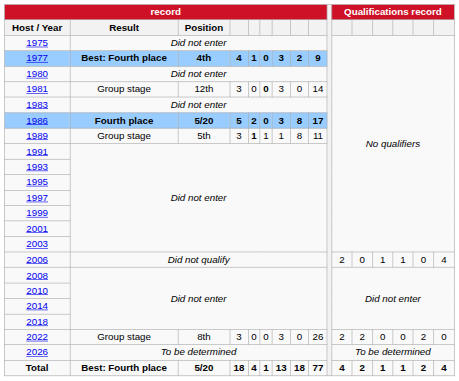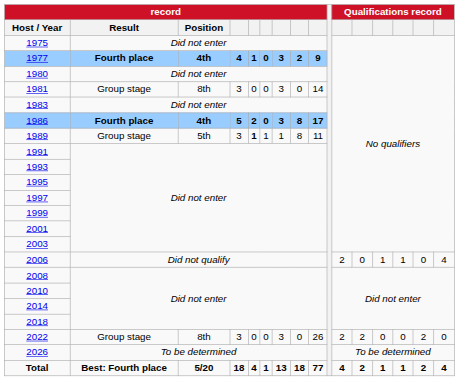 <table class="wikitable" style="text-align: center;">
 <tr>
 <th style="background: #CE1126; color: #FFFFFF;" colspan=9><a href='#'></a> record</th>
 <th style="width:1%;" rowspan="24"></th>
 <th colspan=6 style="background: #CE1126; color: #FFFFFF;">Qualifications record</th>
 </tr>
 <tr>
 <th>Host / Year</th>
 <th>Result</th>
 <th>Position</th>
 <th></th>
 <th></th>
 <th></th>
 <th></th>
 <th></th>
 <th></th>
 <th></th>
 <th></th>
 <th></th>
 <th></th>
 <th></th>
 <th></th>
 </tr>
 <tr>
 <td> <a href='#'>1975</a></td>
 <td colspan=8><em>Did not enter</em></td>
 <td colspan=8 rowspan=14><em>No qualifiers</em></td>
 </tr>
 <tr style="background:#9acdff;">
 <td> <a href='#'>1977</a></td>
-<td><strong>Best: Fourth place</strong></td>
+<td><strong>Fourth place</strong></td>
 <td><strong>4th</strong></td>
 <td><strong>4</strong></td>
 <td><strong>1</strong></td>
 <td><strong>0</strong></td>
 <td><strong>3</strong></td>
 <td><strong>2</strong></td>
 <td><strong>9</strong></td>
 </tr>
 <tr>
 <td> <a href='#'>1980</a></td>
 <td colspan=8><em>Did not enter</em></td>
 </tr>
 <tr>
 <td> <a href='#'>1981</a></td>
 <td>Group stage</td>
-<td>12th</td>
+<td>8th</td>
 <td>3</td>
 <td>0</td>
-<td><strong>0</strong></td>
+<td>0</td>
 <td>3</td>
 <td>0</td>
 <td>14</td>
 </tr>
 <tr>
 <td> <a href='#'>1983</a></td>
 <td colspan=8><em>Did not enter</em></td>
 </tr>
 <tr style="background:#9acdff;">
 <td> <a href='#'>1986</a></td>
 <td><strong>Fourth place</strong></td>
-<td><strong>5/20</strong></td>
+<td><strong>4th</strong></td>
 <td><strong>5</strong></td>
 <td><strong>2</strong></td>
 <td><strong>0</strong></td>
 <td><strong>3</strong></td>
 <td><strong>8</strong></td>
 <td><strong>17</strong></td>
 </tr>
 <tr>
 <td> <a href='#'>1989</a></td>
 <td>Group stage</td>
 <td>5th</td>
 <td>3</td>
 <td><strong>1</strong></td>
 <td>1</td>
 <td>1</td>
 <td>8</td>
 <td>11</td>
 </tr>
 <tr>
 <td> <a href='#'>1991</a></td>
 <td colspan=8 rowspan=7><em>Did not enter</em></td>
 </tr>
 <tr>
 <td> <a href='#'>1993</a></td>
 </tr>
 <tr>
 <td> <a href='#'>1995</a></td>
 </tr>
 <tr>
 <td> <a href='#'>1997</a></td>
 </tr>
 <tr>
 <td> <a href='#'>1999</a></td>
 </tr>
 <tr>
 <td> <a href='#'>2001</a></td>
 </tr>
 <tr>
 <td> <a href='#'>2003</a></td>
 </tr>
 <tr>
 <td> <a href='#'>2006</a></td>
 <td colspan=8><em>Did not qualify</em></td>
 <td>2</td>
 <td>0</td>
 <td>1</td>
 <td>1</td>
 <td>0</td>
 <td>4</td>
 </tr>
 <tr>
 <td> <a href='#'>2008</a></td>
 <td colspan=8 rowspan=4><em>Did not enter</em></td>
 <td colspan=8 rowspan=4><em>Did not enter</em></td>
 </tr>
 <tr>
 <td> <a href='#'>2010</a></td>
 </tr>
 <tr>
 <td> <a href='#'>2014</a></td>
 </tr>
 <tr>
 <td> <a href='#'>2018</a></td>
 </tr>
 <tr>
 <td> <a href='#'>2022</a></td>
 <td>Group stage</td>
 <td>8th</td>
 <td>3</td>
 <td>0</td>
 <td>0</td>
 <td>3</td>
 <td>0</td>
 <td>26</td>
 <td>2</td>
 <td>2</td>
 <td>0</td>
 <td>0</td>
 <td>2</td>
 <td>0</td>
 </tr>
 <tr>
 <td> <a href='#'>2026</a></td>
 <td colspan=8><em>To be determined</em></td>
 <td colspan=6><em>To be determined</em></td>
 </tr>
 <tr>
 <td><strong>Total</strong></td>
 <td><strong>Best: Fourth place</strong></td>
 <td><strong>5/20</strong></td>
 <td><strong>18</strong></td>
 <td><strong>4</strong></td>
 <td><strong>1</strong></td>
 <td><strong>13</strong></td>
 <td><strong>18</strong></td>
 <td><strong>77</strong></td>
 <td><strong>4</strong></td>
 <td><strong>2</strong></td>
 <td><strong>1</strong></td>
 <td><strong>1</strong></td>
 <td><strong>2</strong></td>
 <td><strong>4</strong></td>
 </tr>
 </table>
